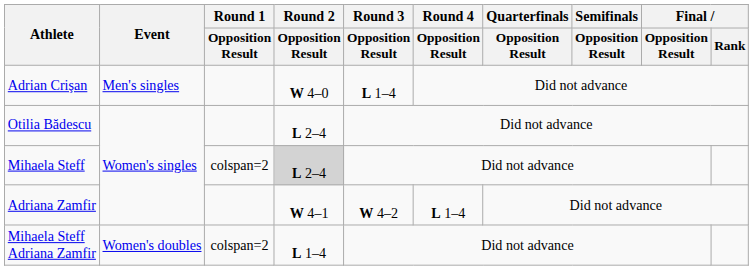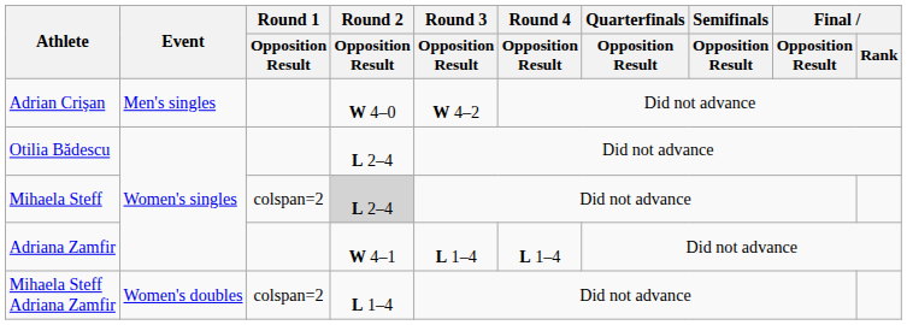 <table class="wikitable" style="font-size:90%">
 <tr>
 <th rowspan="2">Athlete</th>
 <th rowspan="2">Event</th>
 <th>Round 1</th>
 <th>Round 2</th>
 <th>Round 3</th>
 <th>Round 4</th>
 <th>Quarterfinals</th>
 <th>Semifinals</th>
 <th colspan=2>Final / </th>
 </tr>
 <tr style="font-size:95%">
 <th>Opposition<br>Result</th>
 <th>Opposition<br>Result</th>
 <th>Opposition<br>Result</th>
 <th>Opposition<br>Result</th>
 <th>Opposition<br>Result</th>
 <th>Opposition<br>Result</th>
 <th>Opposition<br>Result</th>
 <th>Rank</th>
 </tr>
 <tr align=center>
 <td align=left><a href='#'>Adrian Crişan</a></td>
 <td align=left><a href='#'>Men's singles</a></td>
 <td></td>
 <td><br><strong>W</strong> 4–0</td>
-<td><br><strong>L</strong> 1–4</td>
+<td><br><strong>W</strong> 4–2</td>
 <td colspan=5>Did not advance</td>
 </tr>
 <tr align=center>
 <td align=left><a href='#'>Otilia Bădescu</a></td>
 <td align=left rowspan=3><a href='#'>Women's singles</a></td>
 <td></td>
 <td><br><strong>L</strong> 2–4</td>
 <td colspan=6>Did not advance</td>
 </tr>
 <tr align=center>
 <td align=left><a href='#'>Mihaela Steff</a></td>
 <td>colspan=2 </td>
 <td style="background: lightgrey;"><br><strong>L</strong> 2–4</td>
 <td colspan=5>Did not advance</td>
 </tr>
 <tr align=center>
 <td align=left><a href='#'>Adriana Zamfir</a></td>
 <td></td>
 <td><br><strong>W</strong> 4–1</td>
-<td><br><strong>W</strong> 4–2</td>
+<td><br><strong>L</strong> 1–4</td>
 <td><br><strong>L</strong> 1–4</td>
 <td colspan=4>Did not advance</td>
 </tr>
 <tr align=center>
 <td align=left><a href='#'>Mihaela Steff</a><br><a href='#'>Adriana Zamfir</a></td>
 <td align=left rowspan=2><a href='#'>Women's doubles</a></td>
 <td>colspan=2 </td>
 <td><br><strong>L</strong> 1–4</td>
 <td colspan=5>Did not advance</td>
 </tr>
 </table>
